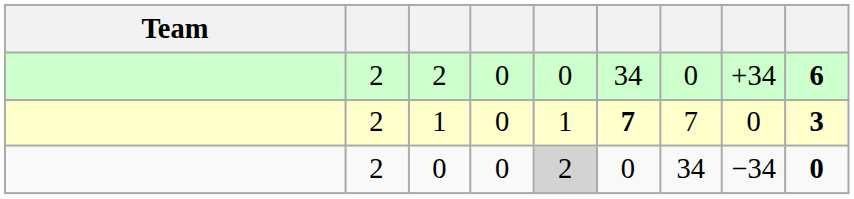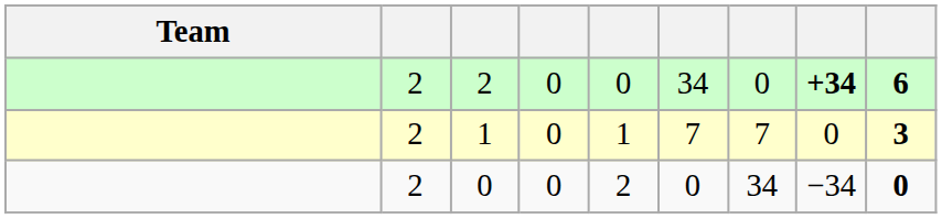 <table class="wikitable" style="text-align: center; font-size: 90%;">
 <tr>
 <th width=165>Team</th>
 <th width=25></th>
 <th width=25></th>
 <th width=25></th>
 <th width=25></th>
 <th width=25></th>
 <th width=25></th>
 <th width=25></th>
 <th width=25></th>
 </tr>
 <tr style="background:#ccffcc">
 <td style="text-align:left;"></td>
 <td>2</td>
 <td>2</td>
 <td>0</td>
 <td>0</td>
 <td>34</td>
 <td>0</td>
-<td>+34</td>
+<td><strong>+34</strong></td>
 <td><strong>6</strong></td>
 </tr>
 <tr style="background:#ffffcc">
 <td style="text-align:left;"></td>
 <td>2</td>
 <td>1</td>
 <td>0</td>
 <td>1</td>
-<td><strong>7</strong></td>
+<td>7</td>
 <td>7</td>
 <td>0</td>
 <td><strong>3</strong></td>
 </tr>
 <tr>
 <td style="text-align:left;"></td>
 <td>2</td>
 <td>0</td>
 <td>0</td>
-<td style="background: lightgrey;">2</td>
+<td>2</td>
 <td>0</td>
 <td>34</td>
 <td>−34</td>
 <td><strong>0</strong></td>
 </tr>
 </table>
